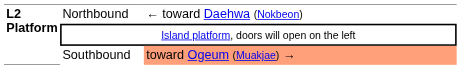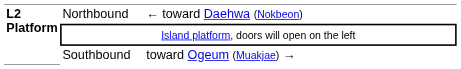 <table table border=0 cellspacing=0 cellpadding=3>
 <tr>
 <td style="border-top:solid 1px gray;border-bottom:solid 1px gray;" width=50 rowspan=10 valign=top><strong>L2<br>Platform</strong></td>
 <td style="border-bottom:solid 0px gray;border-top:solid 1px gray;" width=100>Northbound</td>
 <td style="border-bottom:solid 0px gray;border-top:solid 1px gray;" width=390>←  toward <a href='#'>Daehwa</a> <small>(<a href='#'>Nokbeon</a>)</small></td>
 </tr>
 <tr>
 <td style="border-top:solid 2px black;border-right:solid 2px black;border-left:solid 2px black;border-bottom:solid 2px black;text-align:center;" colspan=2><small><a href='#'>Island platform</a>, doors will open on the left</small></td>
 </tr>
 <tr>
 <td>Southbound</td>
-<td style="background: lightsalmon;">  toward <a href='#'>Ogeum</a> <small>(<a href='#'>Muakjae</a>)</small> →</td>
+<td>  toward <a href='#'>Ogeum</a> <small>(<a href='#'>Muakjae</a>)</small> →</td>
 </tr>
 </table>
